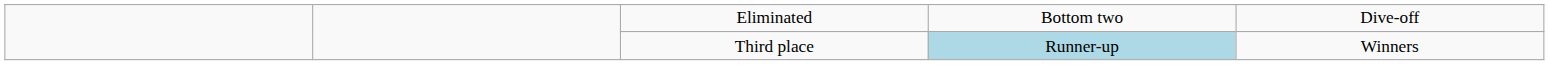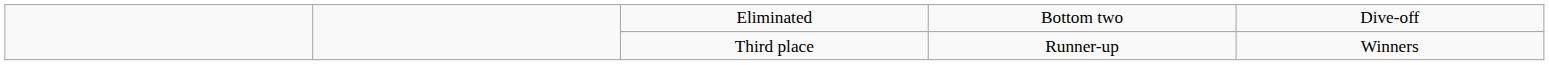 <table class="wikitable"  style="margin:1em auto; text-align:center; white-space:nowrap; width:90%;">
 <tr>
 <td width="141" rowspan=2></td>
 <td width="141" rowspan=2></td>
 <td width="141"> Eliminated</td>
 <td width="141"> Bottom two</td>
 <td width="141"> Dive-off</td>
 </tr>
 <tr>
 <td> Third place</td>
-<td style="background: lightblue;"> Runner-up</td>
+<td> Runner-up</td>
 <td> Winners</td>
 </tr>
 </table>
